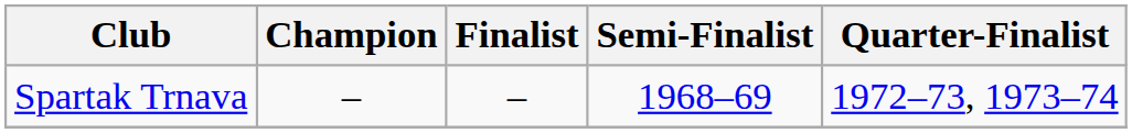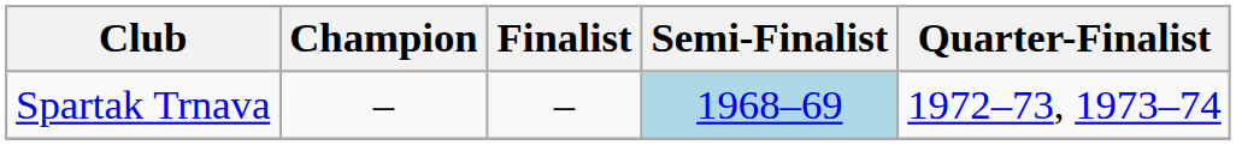 <table class="wikitable" style="text-align:center">
 <tr>
 <th>Club</th>
 <th>Champion</th>
 <th>Finalist</th>
 <th>Semi-Finalist</th>
 <th>Quarter-Finalist</th>
 </tr>
 <tr>
 <td style="text-align:left"><a href='#'>Spartak Trnava</a></td>
 <td>–</td>
 <td>–</td>
-<td><a href='#'>1968–69</a></td>
+<td style="background: lightblue;"><a href='#'>1968–69</a></td>
 <td><a href='#'>1972–73</a>, <a href='#'>1973–74</a></td>
 </tr>
 <tr>
 </tr>
 </table>
